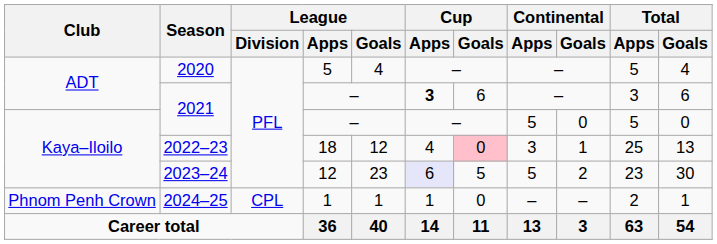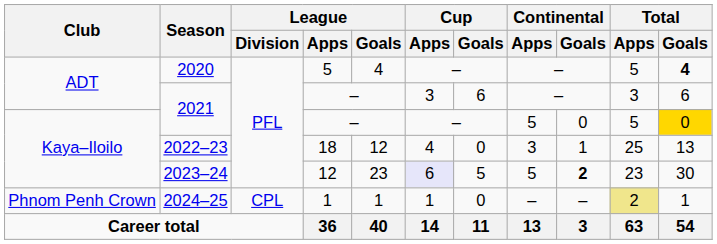 <table class="wikitable" style="text-align: center">
 <tr>
 <th rowspan="2">Club</th>
 <th rowspan="2">Season</th>
 <th colspan="3">League</th>
 <th colspan="2">Cup</th>
 <th colspan="2">Continental</th>
 <th colspan="2">Total</th>
 </tr>
 <tr>
 <th>Division</th>
 <th>Apps</th>
 <th>Goals</th>
 <th>Apps</th>
 <th>Goals</th>
 <th>Apps</th>
 <th>Goals</th>
 <th>Apps</th>
 <th>Goals</th>
 </tr>
 <tr>
 <td rowspan="2"><a href='#'>ADT</a></td>
 <td><a href='#'>2020</a></td>
 <td rowspan="5"><a href='#'>PFL</a></td>
 <td>5</td>
 <td>4</td>
 <td colspan="2">–</td>
 <td colspan="2">–</td>
 <td>5</td>
-<td>4</td>
+<td><strong>4</strong></td>
 </tr>
 <tr>
 <td rowspan="2"><a href='#'>2021</a></td>
 <td colspan="2">–</td>
-<td><strong>3</strong></td>
+<td>3</td>
 <td>6</td>
 <td colspan="2">–</td>
 <td>3</td>
 <td>6</td>
 </tr>
 <tr>
 <td rowspan="3"><a href='#'>Kaya–Iloilo</a></td>
 <td colspan="2">–</td>
 <td colspan="2">–</td>
 <td>5</td>
 <td>0</td>
 <td>5</td>
-<td>0</td>
+<td style="background: gold;">0</td>
 </tr>
 <tr>
 <td><a href='#'>2022–23</a></td>
 <td>18</td>
 <td>12</td>
 <td>4</td>
-<td style="background: pink;">0</td>
+<td>0</td>
 <td>3</td>
 <td>1</td>
 <td>25</td>
 <td>13</td>
 </tr>
 <tr>
 <td><a href='#'>2023–24</a></td>
 <td>12</td>
 <td>23</td>
 <td style="background: lavender;">6</td>
 <td>5</td>
 <td>5</td>
-<td>2</td>
+<td><strong>2</strong></td>
 <td>23</td>
 <td>30</td>
 </tr>
 <tr>
 <td><a href='#'>Phnom Penh Crown</a></td>
 <td><a href='#'>2024–25</a></td>
 <td><a href='#'>CPL</a></td>
 <td>1</td>
 <td>1</td>
 <td>1</td>
 <td>0</td>
 <td>–</td>
 <td>–</td>
-<td>2</td>
+<td style="background: khaki;">2</td>
 <td>1</td>
 </tr>
 <tr>
 <td colspan="3" !><strong>Career total</strong></td>
 <th>36</th>
 <th>40</th>
 <th>14</th>
 <th>11</th>
 <th>13</th>
 <th>3</th>
 <th>63</th>
 <th>54</th>
 </tr>
 </table>
